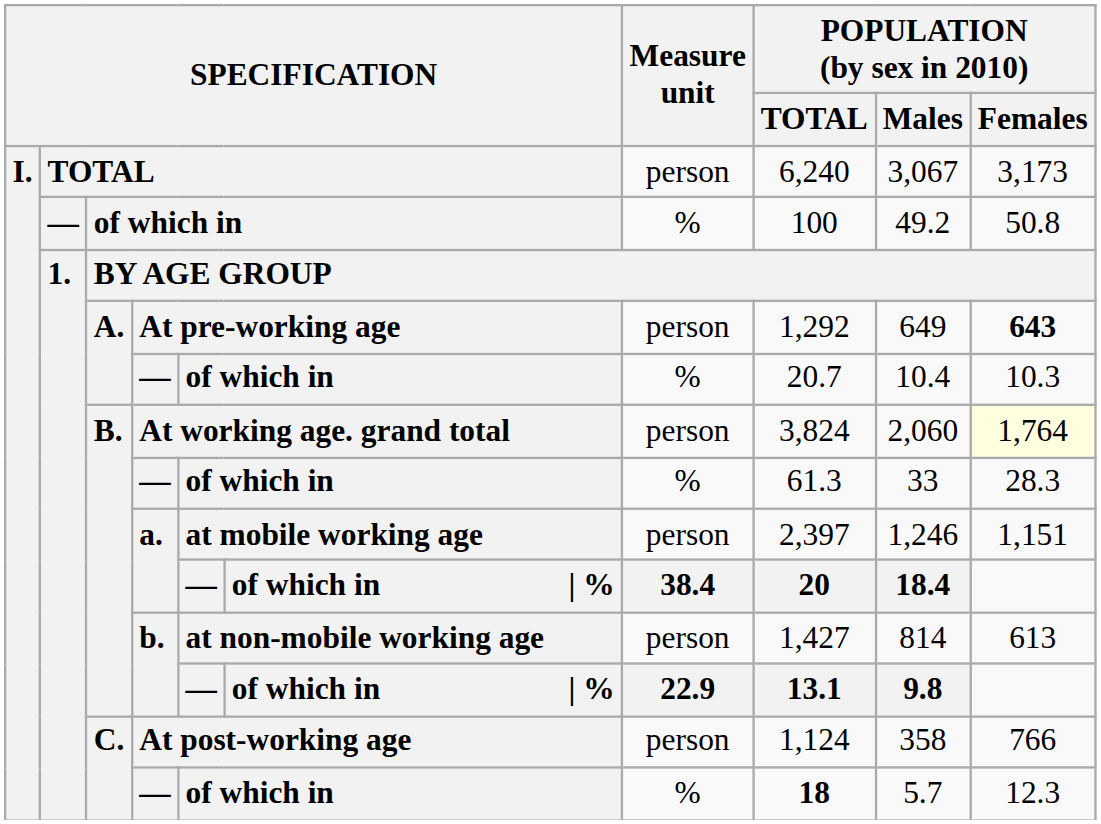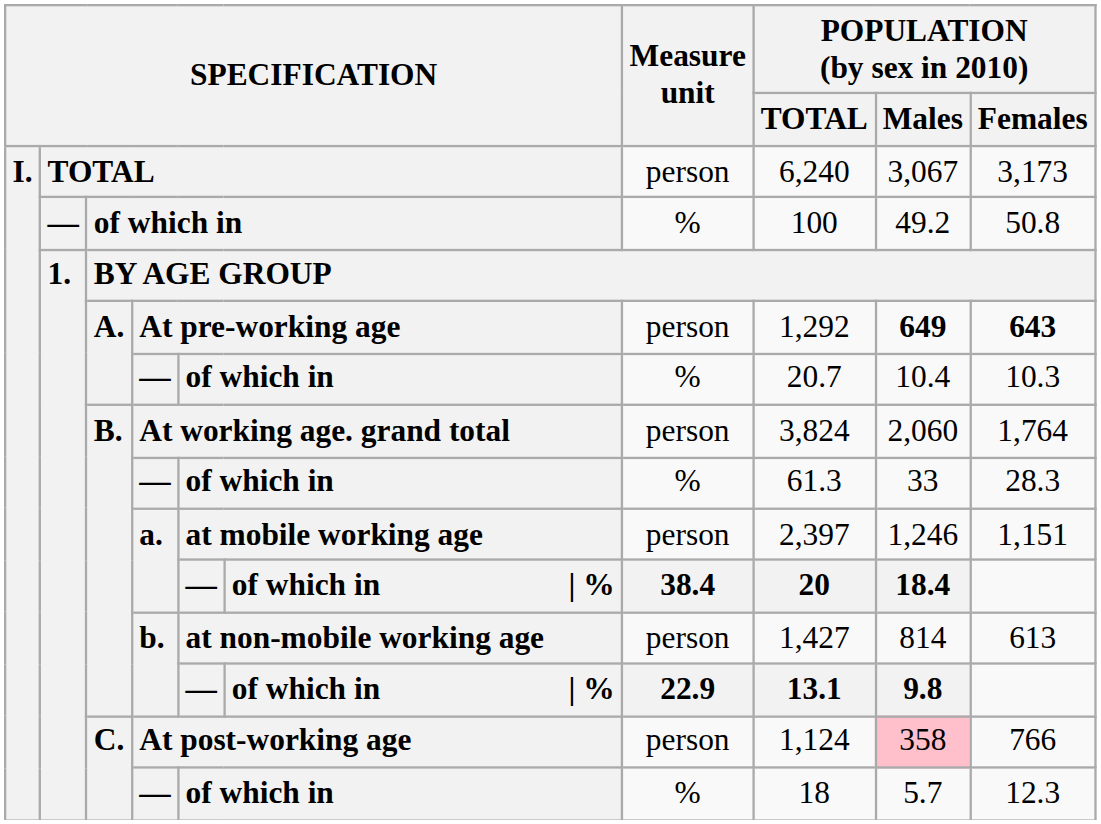 <table class="wikitable" style="font-size:85%; text-align:center">
 <tr>
 <th rowspan="2" colspan="6">SPECIFICATION</th>
 <th rowspan="2">Measure<br> unit</th>
 <th colspan="3" rowspan="1">POPULATION<br> (by sex in 2010)</th>
 </tr>
 <tr>
 <th>TOTAL</th>
 <th>Males</th>
 <th>Females</th>
 </tr>
 <tr>
 <th style="text-align:left" valign="top" rowspan="13">I.</th>
 <th style="text-align:left" colspan="5">TOTAL</th>
 <td>person</td>
 <td>6,240</td>
 <td>3,067</td>
 <td>3,173</td>
 </tr>
 <tr>
 <th style="text-align:left" valign="top">—</th>
 <th style="text-align:left" colspan="4">of which in</th>
 <td>%</td>
 <td>100</td>
 <td>49.2</td>
 <td>50.8</td>
 </tr>
 <tr>
 <th style="text-align:left" valign="top" rowspan="11">1.</th>
 <th style="text-align:left" colspan="19">BY AGE GROUP</th>
 </tr>
 <tr>
 <th style="text-align:left" valign="top" rowspan="2">A.</th>
 <th style="text-align:left" colspan="3">At pre-working age</th>
 <td>person</td>
 <td>1,292</td>
-<td>649</td>
+<td><strong>649</strong></td>
 <td><strong>643</strong></td>
 </tr>
 <tr>
 <th style="text-align:left" valign="top">—</th>
 <th style="text-align:left" valign="top" colspan="2">of which in</th>
 <td>%</td>
 <td>20.7</td>
 <td>10.4</td>
 <td>10.3</td>
 </tr>
 <tr>
 <th style="text-align:left" valign="top" rowspan="6">B.</th>
 <th style="text-align:left" colspan="3">At working age. grand total</th>
 <td>person</td>
 <td>3,824</td>
 <td>2,060</td>
-<td style="background: lightyellow;">1,764</td>
+<td>1,764</td>
 </tr>
 <tr>
 <th style="text-align:left" valign="top">—</th>
 <th style="text-align:left" valign="top" colspan="2">of which in</th>
 <td>%</td>
 <td>61.3</td>
 <td>33</td>
 <td>28.3</td>
 </tr>
 <tr>
 <th style="text-align:left" valign="top" rowspan="2">a.</th>
 <th style="text-align:left" colspan="2">at mobile working age</th>
 <td>person</td>
 <td>2,397</td>
 <td>1,246</td>
 <td>1,151</td>
 </tr>
 <tr>
 <th style="text-align:left" valign="top">—</th>
 <th style="text-align:left" valign="top" colspan="1">of which in                        | %</th>
 <th>38.4</th>
 <th>20</th>
 <th>18.4</th>
 </tr>
 <tr>
 <th style="text-align:left" valign="top" rowspan="2">b.</th>
 <th style="text-align:left" colspan="2">at non-mobile working age</th>
 <td>person</td>
 <td>1,427</td>
 <td>814</td>
 <td>613</td>
 </tr>
 <tr>
 <th style="text-align:left" valign="top">—</th>
 <th style="text-align:left" valign="top" colspan="1">of which in                        | %</th>
 <th>22.9</th>
 <th>13.1</th>
 <th>9.8</th>
 </tr>
 <tr>
 <th style="text-align:left" valign="top" rowspan="2">C.</th>
 <th style="text-align:left" colspan="3">At post-working age</th>
 <td>person</td>
 <td>1,124</td>
-<td>358</td>
+<td style="background: pink;">358</td>
 <td>766</td>
 </tr>
 <tr>
 <th style="text-align:left" valign="top">—</th>
 <th style="text-align:left" valign="top" colspan="2">of which in</th>
 <td>%</td>
-<td><strong>18</strong></td>
+<td>18</td>
 <td>5.7</td>
 <td>12.3</td>
 </tr>
 </table>
